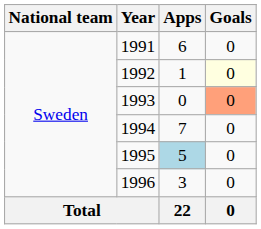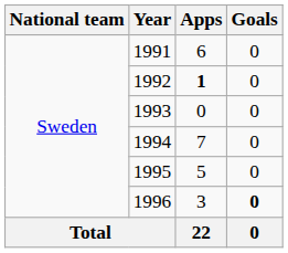 <table class="wikitable" style="text-align:center">
 <tr>
 <th>National team</th>
 <th>Year</th>
 <th>Apps</th>
 <th>Goals</th>
 </tr>
 <tr>
 <td rowspan="6"><a href='#'>Sweden</a></td>
 <td>1991</td>
 <td>6</td>
 <td>0</td>
 </tr>
 <tr>
 <td>1992</td>
-<td>1</td>
-<td style="background: lightyellow;">0</td>
+<td><strong>1</strong></td>
+<td>0</td>
 </tr>
 <tr>
 <td>1993</td>
 <td>0</td>
-<td style="background: lightsalmon;">0</td>
+<td>0</td>
 </tr>
 <tr>
 <td>1994</td>
 <td>7</td>
 <td>0</td>
 </tr>
 <tr>
 <td>1995</td>
-<td style="background: lightblue;">5</td>
+<td>5</td>
 <td>0</td>
 </tr>
 <tr>
 <td>1996</td>
 <td>3</td>
-<td>0</td>
+<td><strong>0</strong></td>
 </tr>
 <tr>
 <th colspan="2">Total</th>
 <th>22</th>
 <th>0</th>
 </tr>
 </table>
